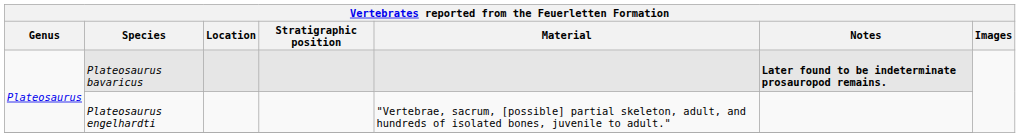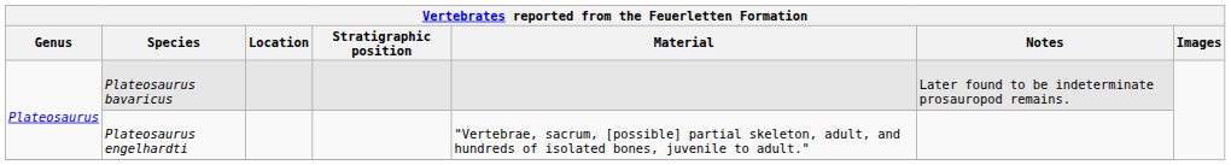 <table class="wikitable" align="center" width="100%">
 <tr>
 <th colspan="7" align="center"><strong><a href='#'>Vertebrates</a> reported from the Feuerletten Formation</strong></th>
 </tr>
 <tr>
 <th>Genus</th>
 <th>Species</th>
 <th>Location</th>
 <th>Stratigraphic position</th>
 <th>Material</th>
 <th>Notes</th>
 <th>Images</th>
 </tr>
 <tr>
 <td rowspan="2"><br><em><a href='#'>Plateosaurus</a></em></td>
 <td style="background:#E6E6E6;"><br><em>Plateosaurus bavaricus</em></td>
 <td style="background:#E6E6E6;"></td>
 <td style="background:#E6E6E6;"></td>
 <td style="background:#E6E6E6;"></td>
-<td style="background:#E6E6E6;"><strong><br>Later found to be indeterminate prosauropod remains.</strong></td>
+<td style="background:#E6E6E6;"><br>Later found to be indeterminate prosauropod remains.</td>
 <td rowspan="99"><br></td>
 </tr>
 <tr>
 <td><br><em>Plateosaurus engelhardti</em></td>
 <td></td>
 <td></td>
 <td><br>"Vertebrae, sacrum, [possible] partial skeleton, adult, and hundreds of isolated bones, juvenile to adult."</td>
 <td></td>
 </tr>
 <tr>
 </tr>
 </table>
